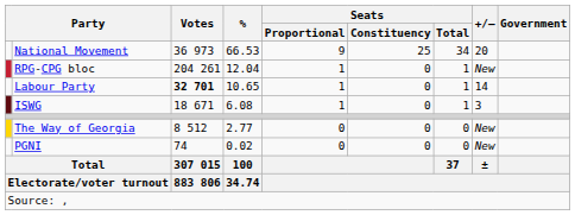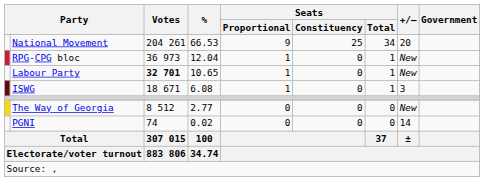 <table class="wikitable">
 <tr>
 <th colspan="2" rowspan="2">Party</th>
 <th scope="col" rowspan="2">Votes</th>
 <th scope="col" rowspan="2">%</th>
 <th scope="col" colspan="3">Seats</th>
 <th scope="col" rowspan="2">+/–</th>
 <th colspan="2" rowspan="2">Government</th>
 </tr>
 <tr>
 <th>Proportional</th>
 <th>Constituency</th>
 <th>Total</th>
 </tr>
 <tr>
 <td style="background:"></td>
 <td align=left><a href='#'>National Movement</a></td>
-<td>36 973</td>
+<td>204 261</td>
 <td>66.53</td>
 <td align=right>9</td>
 <td align=right>25</td>
 <td align=right>34</td>
 <td> 20</td>
 <td></td>
 </tr>
 <tr>
 <td style="background:#C51F33"></td>
 <td align=left><a href='#'>RPG</a>-<a href='#'>CPG</a> bloc</td>
-<td>204 261</td>
+<td>36 973</td>
 <td>12.04</td>
 <td align=right>1</td>
 <td align=right>0</td>
 <td align=right>1</td>
 <td><em>New</em></td>
 <td></td>
 </tr>
 <tr>
 <td style="background:"></td>
 <td align=left><a href='#'>Labour Party</a></td>
 <td><strong>32 701</strong></td>
 <td>10.65</td>
 <td align=right>1</td>
 <td align=right>0</td>
 <td align=right>1</td>
-<td> 14</td>
+<td><em>New</em></td>
 <td></td>
 </tr>
 <tr>
 <td style="background:#5e0b10"></td>
 <td align=left><a href='#'>ISWG</a></td>
 <td>18 671</td>
 <td>6.08</td>
 <td align=right>1</td>
 <td align=right>0</td>
 <td align=right>1</td>
 <td> 3</td>
 <td></td>
 </tr>
 <tr>
 <td colspan=9 bgcolor=lightgrey></td>
 </tr>
 <tr>
 <td style="background:gold"></td>
 <td align=left><a href='#'>The Way of Georgia</a></td>
 <td>8 512</td>
 <td>2.77</td>
 <td align=right>0</td>
 <td align=right>0</td>
 <td align=right>0</td>
 <td><em>New</em></td>
 <td></td>
 </tr>
 <tr>
 <td style="background:"></td>
 <td align=left><a href='#'>PGNI</a></td>
 <td>74</td>
 <td>0.02</td>
 <td align=right>0</td>
 <td align=right>0</td>
 <td align=right>0</td>
-<td><em>New</em></td>
+<td> 14</td>
 <td></td>
 </tr>
 <tr>
 <th colspan="2">Total</th>
 <th>307 015</th>
 <th>100</th>
 <th colspan="2"></th>
 <th>37</th>
 <th>±</th>
 <th></th>
 </tr>
 <tr>
 <th colspan=2>Electorate/voter turnout</th>
 <th>883 806</th>
 <th>34.74</th>
 <th colspan=5></th>
 </tr>
 <tr>
 <td colspan=9>Source: , </td>
 </tr>
 </table>
